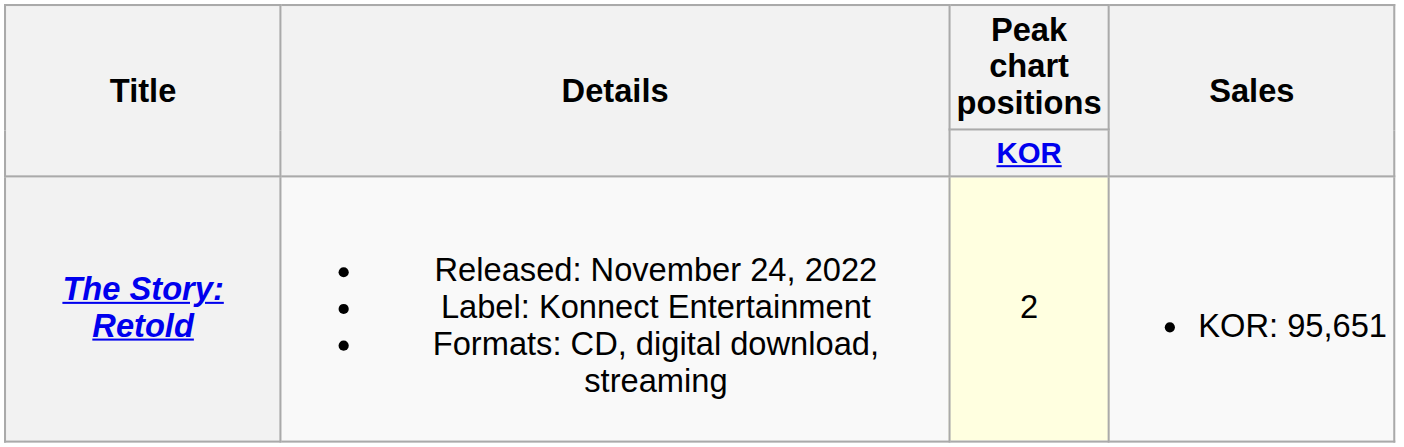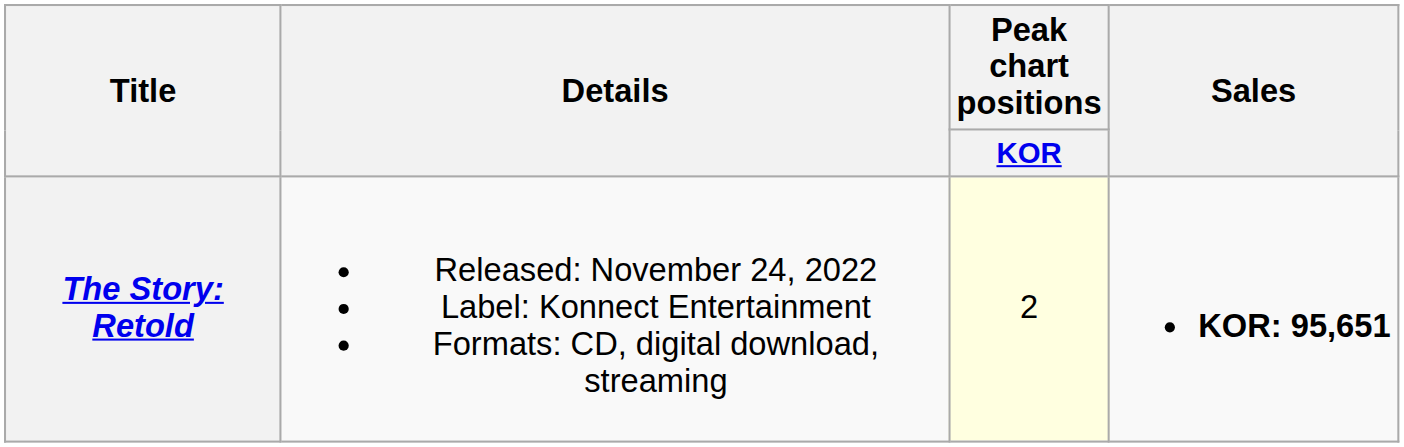 <table class="wikitable plainrowheaders" style="text-align:center;" border="1">
 <tr>
 <th scope="col" rowspan="2" style="width:8em;">Title</th>
 <th scope="col" rowspan="2" style="width:20em;">Details</th>
 <th scope="col" colspan="1">Peak chart positions</th>
 <th scope="col" rowspan="2">Sales</th>
 </tr>
 <tr>
 <th scope="col" style="width:4em;font-size:90%;"><a href='#'>KOR</a><br></th>
 </tr>
 <tr>
 <th scope="row"><em><a href='#'>The Story: Retold</a></em></th>
 <td><br><ul><li>Released: November 24, 2022 </li><li>Label: Konnect Entertainment</li><li>Formats: CD, digital download, streaming</li></ul></td>
 <td style="background: lightyellow;">2</td>
-<td><br><ul><li>KOR: 95,651</li></ul></td>
+<td><strong><br><ul><li>KOR: 95,651</li></ul></strong></td>
 </tr>
 </table>
